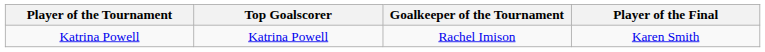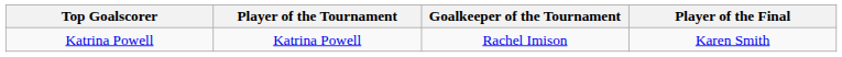 <table class=wikitable style="margin:auto; text-align:center">
 <tr>
+<th style="width: 220px;">Top Goalscorer</th>
 <th style="width: 220px;">Player of the Tournament</th>
-<th style="width: 220px;">Top Goalscorer</th>
 <th style="width: 220px;">Goalkeeper of the Tournament</th>
 <th style="width: 220px;">Player of the Final</th>
 </tr>
 <tr>
 <td> <a href='#'>Katrina Powell</a></td>
 <td> <a href='#'>Katrina Powell</a></td>
 <td> <a href='#'>Rachel Imison</a></td>
 <td> <a href='#'>Karen Smith</a></td>
 </tr>
 </table>
